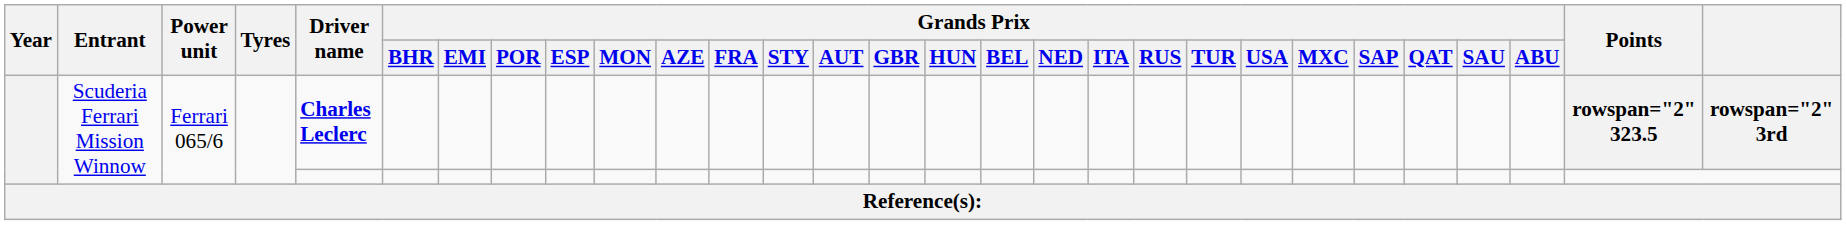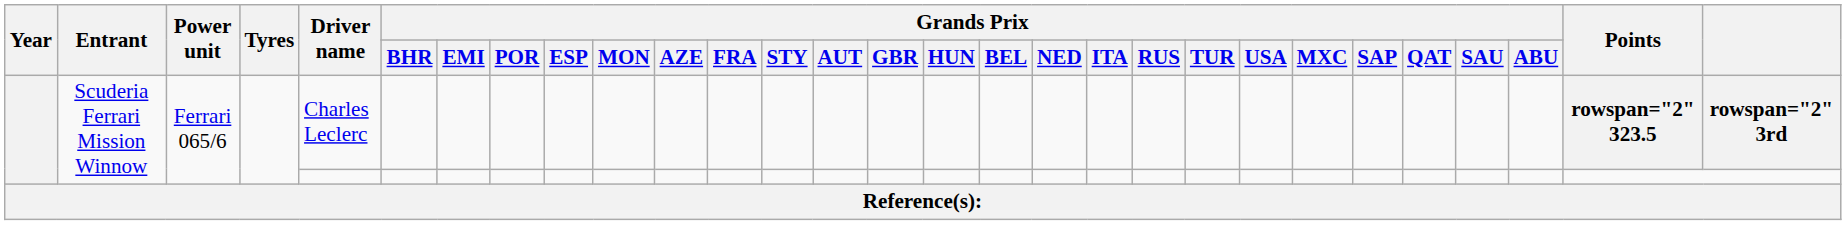 <table class="wikitable" style="text-align:center; font-size:90%">
 <tr>
 <th rowspan="2">Year</th>
 <th rowspan="2">Entrant</th>
 <th rowspan="2">Power unit</th>
 <th rowspan="2">Tyres</th>
 <th rowspan="2">Driver name</th>
 <th colspan="22">Grands Prix</th>
 <th rowspan="2">Points</th>
 <th rowspan="2"></th>
 </tr>
 <tr>
 <th><a href='#'>BHR</a></th>
 <th><a href='#'>EMI</a></th>
 <th><a href='#'>POR</a></th>
 <th><a href='#'>ESP</a></th>
 <th><a href='#'>MON</a></th>
 <th><a href='#'>AZE</a></th>
 <th><a href='#'>FRA</a></th>
 <th><a href='#'>STY</a></th>
 <th><a href='#'>AUT</a></th>
 <th><a href='#'>GBR</a></th>
 <th><a href='#'>HUN</a></th>
 <th><a href='#'>BEL</a></th>
 <th><a href='#'>NED</a></th>
 <th><a href='#'>ITA</a></th>
 <th><a href='#'>RUS</a></th>
 <th><a href='#'>TUR</a></th>
 <th><a href='#'>USA</a></th>
 <th><a href='#'>MXC</a></th>
 <th><a href='#'>SAP</a></th>
 <th><a href='#'>QAT</a></th>
 <th><a href='#'>SAU</a></th>
 <th><a href='#'>ABU</a></th>
 </tr>
 <tr>
 <th rowspan="2"></th>
 <td rowspan="2"><a href='#'>Scuderia Ferrari Mission Winnow</a></td>
 <td rowspan="2"><a href='#'>Ferrari</a> 065/6</td>
 <td rowspan="2"></td>
-<td align=left><strong> <a href='#'>Charles Leclerc</a></strong></td>
+<td align=left> <a href='#'>Charles Leclerc</a></td>
 <td></td>
 <td></td>
 <td></td>
 <td></td>
 <td></td>
 <td></td>
 <td></td>
 <td></td>
 <td></td>
 <td></td>
 <td></td>
 <td></td>
 <td></td>
 <td></td>
 <td></td>
 <td></td>
 <td></td>
 <td></td>
 <td></td>
 <td></td>
 <td></td>
 <td></td>
 <th>rowspan="2"  323.5</th>
 <th>rowspan="2"  3rd</th>
 </tr>
 <tr>
 <td align=left></td>
 <td></td>
 <td></td>
 <td></td>
 <td></td>
 <td></td>
 <td></td>
 <td></td>
 <td></td>
 <td></td>
 <td></td>
 <td></td>
 <td></td>
 <td></td>
 <td></td>
 <td></td>
 <td></td>
 <td></td>
 <td></td>
 <td></td>
 <td></td>
 <td></td>
 <td></td>
 </tr>
 <tr>
 <th colspan="29">Reference(s):</th>
 </tr>
 </table>
